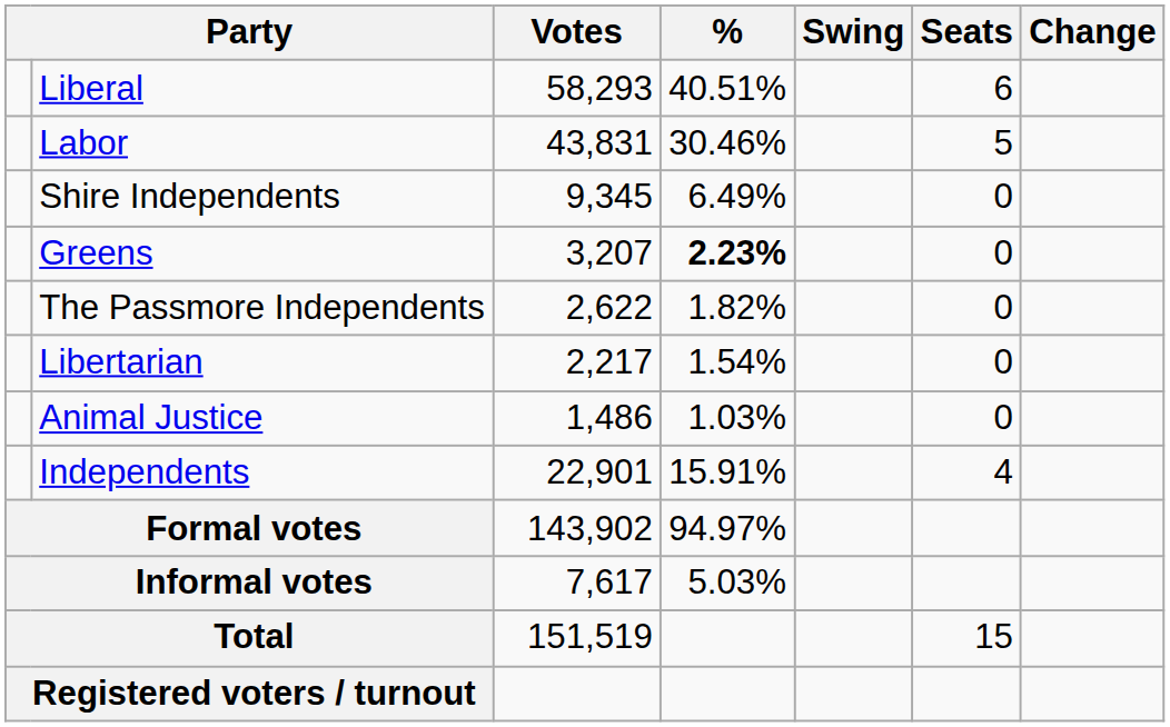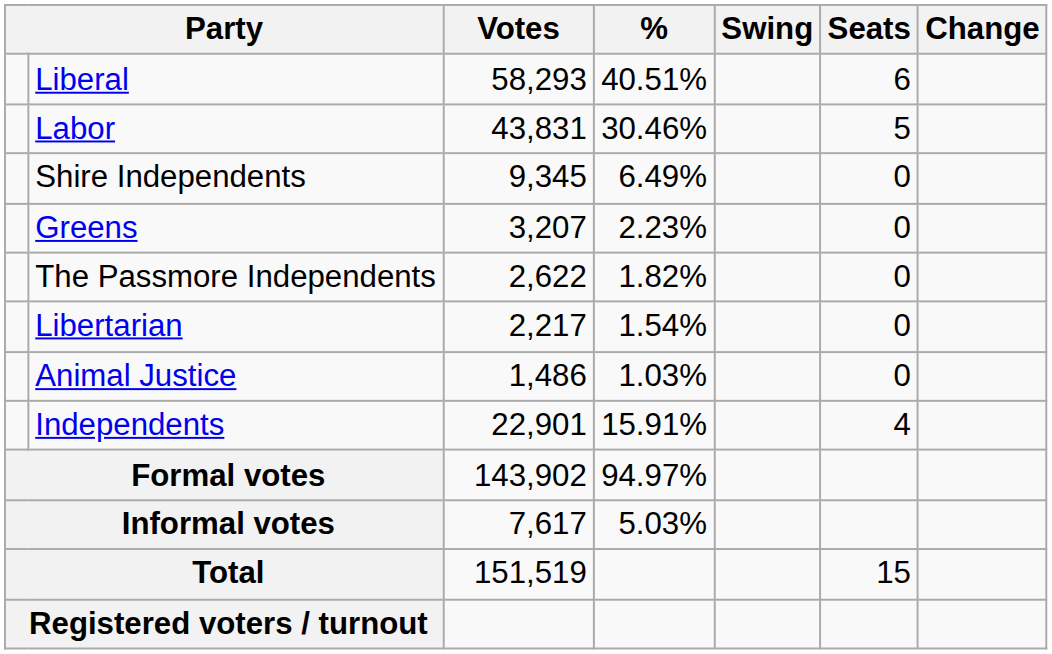 <table class="wikitable" style="text-align:right; margin-bottom:0">
 <tr>
 <th style="width:10px" colspan=3>Party</th>
 <th style="width:70px;">Votes</th>
 <th style="width:40px;">%</th>
 <th style="width:40px;">Swing</th>
 <th style="width:40px;">Seats</th>
 <th style="width:40px;">Change</th>
 </tr>
 <tr>
 <td> </td>
 <td style="text-align:left;" colspan="2"><a href='#'>Liberal</a></td>
 <td>58,293</td>
 <td>40.51%</td>
 <td></td>
 <td>6</td>
 <td></td>
 </tr>
 <tr>
 <td> </td>
 <td style="text-align:left;" colspan="2"><a href='#'>Labor</a></td>
 <td>43,831</td>
 <td>30.46%</td>
 <td></td>
 <td>5</td>
 <td></td>
 </tr>
 <tr>
 <td> </td>
 <td style="text-align:left;" colspan="2">Shire Independents</td>
 <td>9,345</td>
 <td>6.49%</td>
 <td></td>
 <td>0</td>
 <td></td>
 </tr>
 <tr>
 <td> </td>
 <td style="text-align:left;" colspan="2"><a href='#'>Greens</a></td>
 <td>3,207</td>
-<td><strong>2.23%</strong></td>
+<td>2.23%</td>
 <td></td>
 <td>0</td>
 <td></td>
 </tr>
 <tr>
 <td> </td>
 <td style="text-align:left;" colspan="2">The Passmore Independents</td>
 <td>2,622</td>
 <td>1.82%</td>
 <td></td>
 <td>0</td>
 <td></td>
 </tr>
 <tr>
 <td> </td>
 <td style="text-align:left;" colspan="2"><a href='#'>Libertarian</a></td>
 <td>2,217</td>
 <td>1.54%</td>
 <td></td>
 <td>0</td>
 <td></td>
 </tr>
 <tr>
 <td> </td>
 <td style="text-align:left;" colspan="2"><a href='#'>Animal Justice</a></td>
 <td>1,486</td>
 <td>1.03%</td>
 <td></td>
 <td>0</td>
 <td></td>
 </tr>
 <tr>
 <td> </td>
 <td style="text-align:left;" colspan="2"><a href='#'>Independents</a></td>
 <td>22,901</td>
 <td>15.91%</td>
 <td></td>
 <td>4</td>
 <td></td>
 </tr>
 <tr>
 <th colspan="3" rowspan="1"> Formal votes</th>
 <td>143,902</td>
 <td>94.97%</td>
 <td></td>
 <td></td>
 <td></td>
 </tr>
 <tr>
 <th colspan="3" rowspan="1"> Informal votes</th>
 <td>7,617</td>
 <td>5.03%</td>
 <td></td>
 <td></td>
 <td></td>
 </tr>
 <tr>
 <th colspan="3" rowspan="1"> <strong>Total </strong></th>
 <td>151,519</td>
 <td></td>
 <td></td>
 <td>15</td>
 <td></td>
 </tr>
 <tr>
 <th colspan="3" rowspan="1"> Registered voters / turnout</th>
 <td></td>
 <td></td>
 <td></td>
 <td></td>
 <td></td>
 </tr>
 </table>
